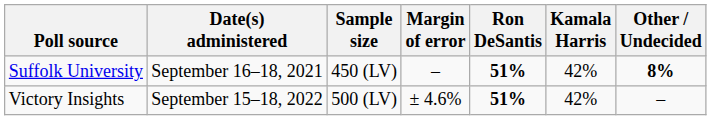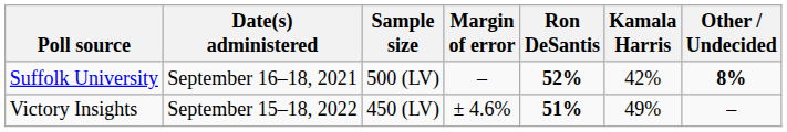 <table class="wikitable sortable mw-datatable" style="font-size:90%;text-align:center;line-height:17px">
 <tr valign=bottom>
 <th>Poll source</th>
 <th>Date(s)<br>administered</th>
 <th>Sample<br>size</th>
 <th>Margin<br>of error</th>
 <th class="unsortable">Ron<br>DeSantis<br></th>
 <th class="unsortable">Kamala<br>Harris<br></th>
 <th class="unsortable">Other /<br>Undecided</th>
 </tr>
 <tr>
 <td style="text-align:left;"><a href='#'>Suffolk University</a></td>
 <td>September 16–18, 2021</td>
-<td>450 (LV)</td>
+<td>500 (LV)</td>
 <td>–</td>
-<td style="background-color:"><strong>51%</strong></td>
+<td style="background-color:"><strong>52%</strong></td>
 <td>42%</td>
 <td><strong>8%</strong></td>
 </tr>
 <tr>
 <td style="text-align:left;">Victory Insights</td>
 <td data-sort-value=2022-09-18>September 15–18, 2022</td>
-<td>500 (LV)</td>
+<td>450 (LV)</td>
 <td>± 4.6%</td>
 <td style="background-color:"><strong>51%</strong></td>
-<td>42%</td>
+<td>49%</td>
 <td>–</td>
 </tr>
 </table>
